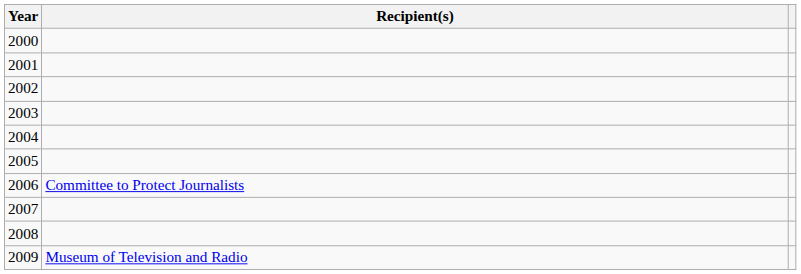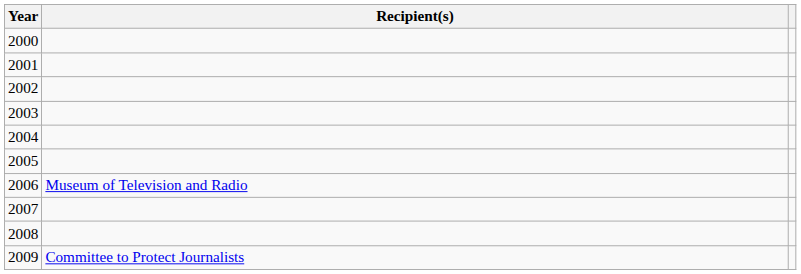 <table class="wikitable sortable" width="66%" cellpadding="4">
 <tr>
 <th scope="col" width="3em">Year</th>
 <th scope="col">Recipient(s)</th>
 <th scope="col" width="1em" class="unsortable"></th>
 </tr>
 <tr>
 <td rowspan="1" style="text-align:center;">2000 </td>
 <td></td>
 <td></td>
 </tr>
 <tr>
 <td rowspan="1" style="text-align:center;">2001 </td>
 <td></td>
 <td></td>
 </tr>
 <tr>
 <td rowspan="1" style="text-align:center;">2002 </td>
 <td></td>
 <td></td>
 </tr>
 <tr>
 <td rowspan="1" style="text-align:center;">2003 </td>
 <td></td>
 <td></td>
 </tr>
 <tr>
 <td rowspan="1" style="text-align:center;">2004 </td>
 <td></td>
 <td></td>
 </tr>
 <tr>
 <td rowspan="1" style="text-align:center;">2005 </td>
 <td></td>
 <td></td>
 </tr>
 <tr>
 <td rowspan="1" style="text-align:center;">2006 </td>
-<td><a href='#'>Committee to Protect Journalists</a></td>
+<td><a href='#'>Museum of Television and Radio</a></td>
 <td></td>
 </tr>
 <tr>
 <td rowspan="1" style="text-align:center;">2007 </td>
 <td></td>
 <td></td>
 </tr>
 <tr>
 <td rowspan="1" style="text-align:center;">2008 </td>
 <td></td>
 <td></td>
 </tr>
 <tr>
 <td rowspan="1" style="text-align:center;">2009 </td>
-<td><a href='#'>Museum of Television and Radio</a></td>
+<td><a href='#'>Committee to Protect Journalists</a></td>
 <td></td>
 </tr>
 </table>
